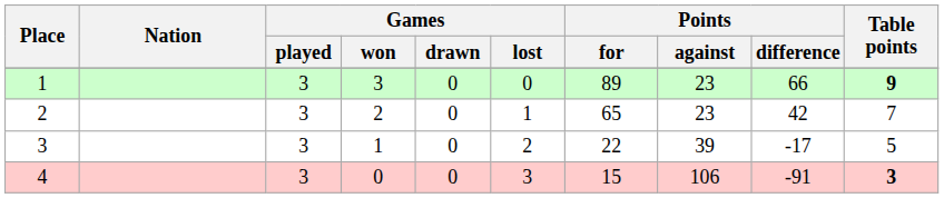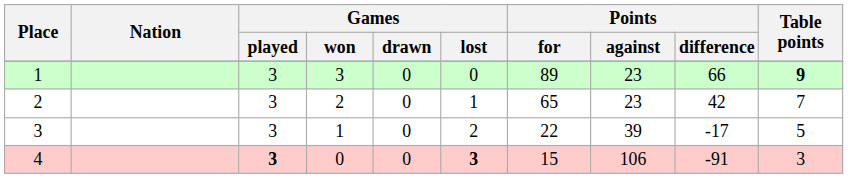 <table class="wikitable">
 <tr>
 <th rowspan=2 width="8%">Place</th>
 <th rowspan=2 width="20%">Nation</th>
 <th colspan=4 width="32%">Games</th>
 <th colspan=3 width="30%">Points</th>
 <th rowspan=2 width="10%">Table<br>points</th>
 </tr>
 <tr>
 <th width="8%">played</th>
 <th width="8%">won</th>
 <th width="8%">drawn</th>
 <th width="8%">lost</th>
 <th width="10%">for</th>
 <th width="10%">against</th>
 <th width="10%">difference</th>
 </tr>
 <tr>
 </tr>
 <tr bgcolor=#ccffcc align=center>
 <td>1</td>
 <td align=left><strong></strong></td>
 <td>3</td>
 <td>3</td>
 <td>0</td>
 <td>0</td>
 <td>89</td>
 <td>23</td>
 <td>66</td>
 <td><strong>9</strong></td>
 </tr>
 <tr bgcolor=#ffffff align=center>
 <td>2</td>
 <td align=left></td>
 <td>3</td>
 <td>2</td>
 <td>0</td>
 <td>1</td>
 <td>65</td>
 <td>23</td>
 <td>42</td>
 <td>7</td>
 </tr>
 <tr bgcolor=#ffffff align=center>
 <td>3</td>
 <td align=left></td>
 <td>3</td>
 <td>1</td>
 <td>0</td>
 <td>2</td>
 <td>22</td>
 <td>39</td>
 <td>-17</td>
 <td>5</td>
 </tr>
 <tr bgcolor=#ffcccc align=center>
 <td>4</td>
 <td align=left></td>
-<td>3</td>
+<td><strong>3</strong></td>
 <td>0</td>
 <td>0</td>
-<td>3</td>
+<td><strong>3</strong></td>
 <td>15</td>
 <td>106</td>
 <td>-91</td>
-<td><strong>3</strong></td>
+<td>3</td>
 </tr>
 </table>
